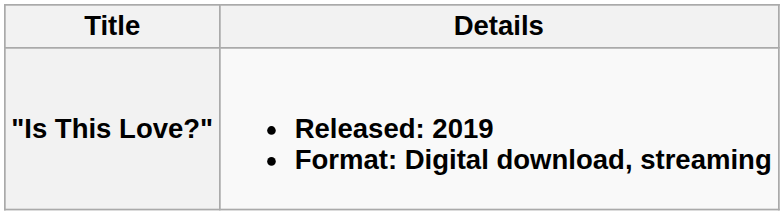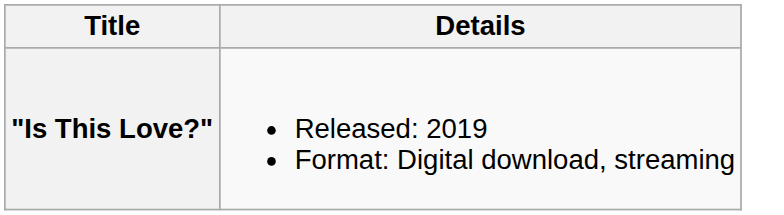 <table class="wikitable plainrowheaders" style="text-align:center;">
 <tr>
 <th scope="col">Title</th>
 <th scope="col">Details</th>
 </tr>
 <tr>
 <th scope="row">"Is This Love?"</th>
-<td style="text-align:left;"><strong><br><ul><li>Released: 2019</li><li>Format: Digital download, streaming</li></ul></strong></td>
+<td style="text-align:left;"><br><ul><li>Released: 2019</li><li>Format: Digital download, streaming</li></ul></td>
 </tr>
 </table>
